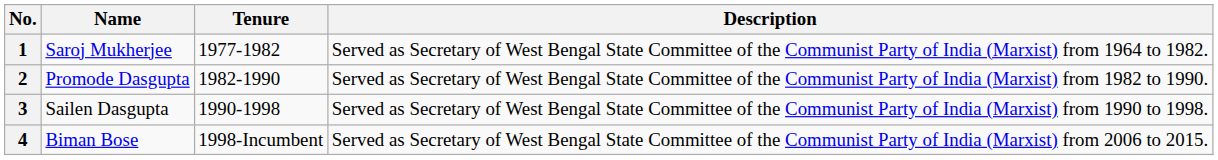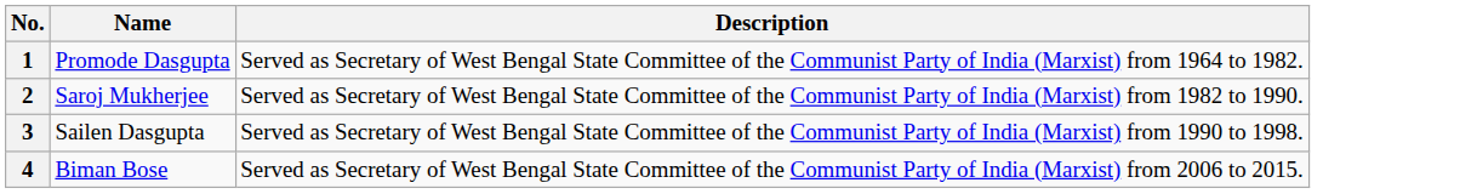 <table class="wikitable sortable">
 <tr>
 <th Style="background-color:">No.</th>
 <th Style="background-color:">Name</th>
-<th Style="background-color:">Tenure</th>
 <th Style="background-color:">Description</th>
 </tr>
 <tr>
 <th>1</th>
-<td><a href='#'>Saroj Mukherjee</a></td>
-<td>1977-1982</td>
+<td><a href='#'>Promode Dasgupta</a></td>
 <td>Served as Secretary of West Bengal State Committee of the <a href='#'>Communist Party of India (Marxist)</a> from 1964 to 1982.</td>
 </tr>
 <tr>
 <th>2</th>
-<td><a href='#'>Promode Dasgupta</a></td>
-<td>1982-1990</td>
+<td><a href='#'>Saroj Mukherjee</a></td>
 <td>Served as Secretary of West Bengal State Committee of the <a href='#'>Communist Party of India (Marxist)</a> from 1982 to 1990.</td>
 </tr>
 <tr>
 <th>3</th>
 <td>Sailen Dasgupta</td>
-<td>1990-1998</td>
 <td>Served as Secretary of West Bengal State Committee of the <a href='#'>Communist Party of India (Marxist)</a> from 1990 to 1998.</td>
 </tr>
 <tr>
 <th>4</th>
 <td><a href='#'>Biman Bose</a></td>
-<td>1998-Incumbent</td>
 <td>Served as Secretary of West Bengal State Committee of the <a href='#'>Communist Party of India (Marxist)</a> from 2006 to 2015.</td>
 </tr>
 </table>
